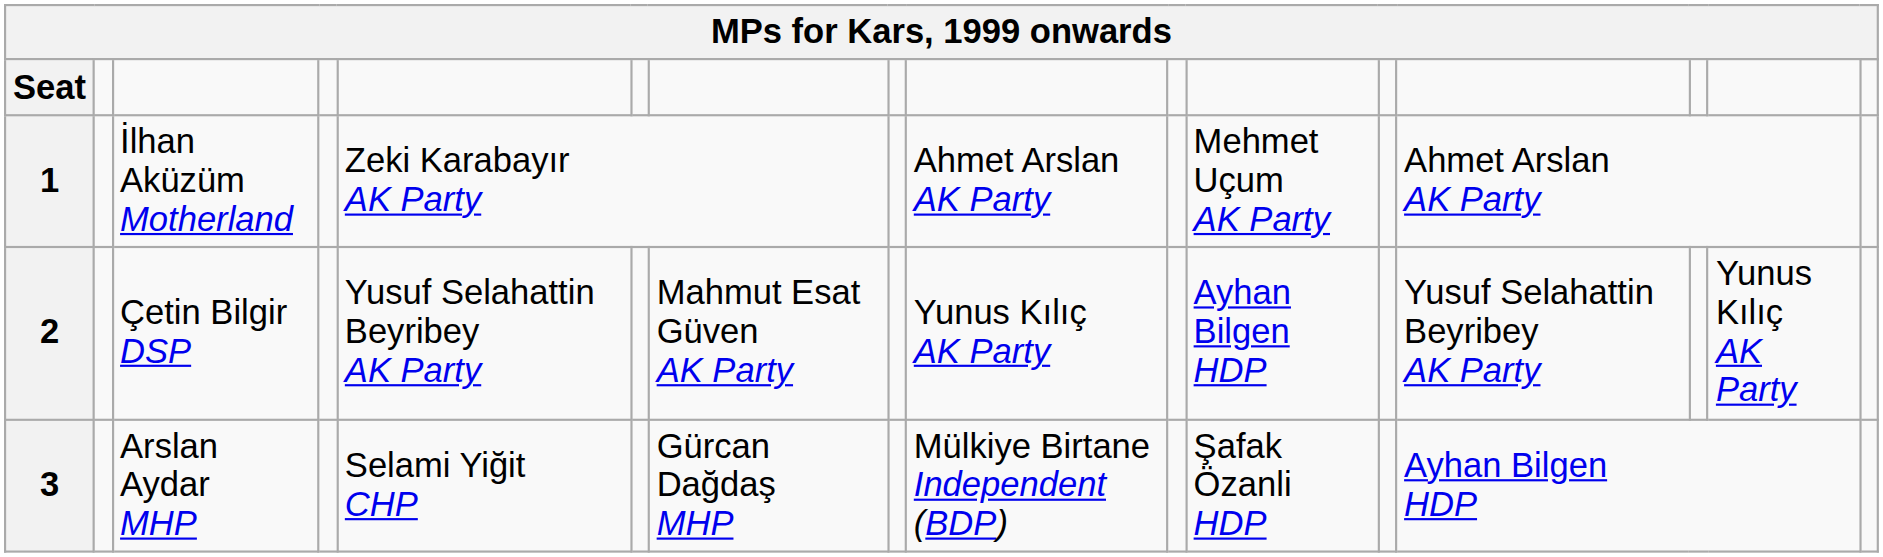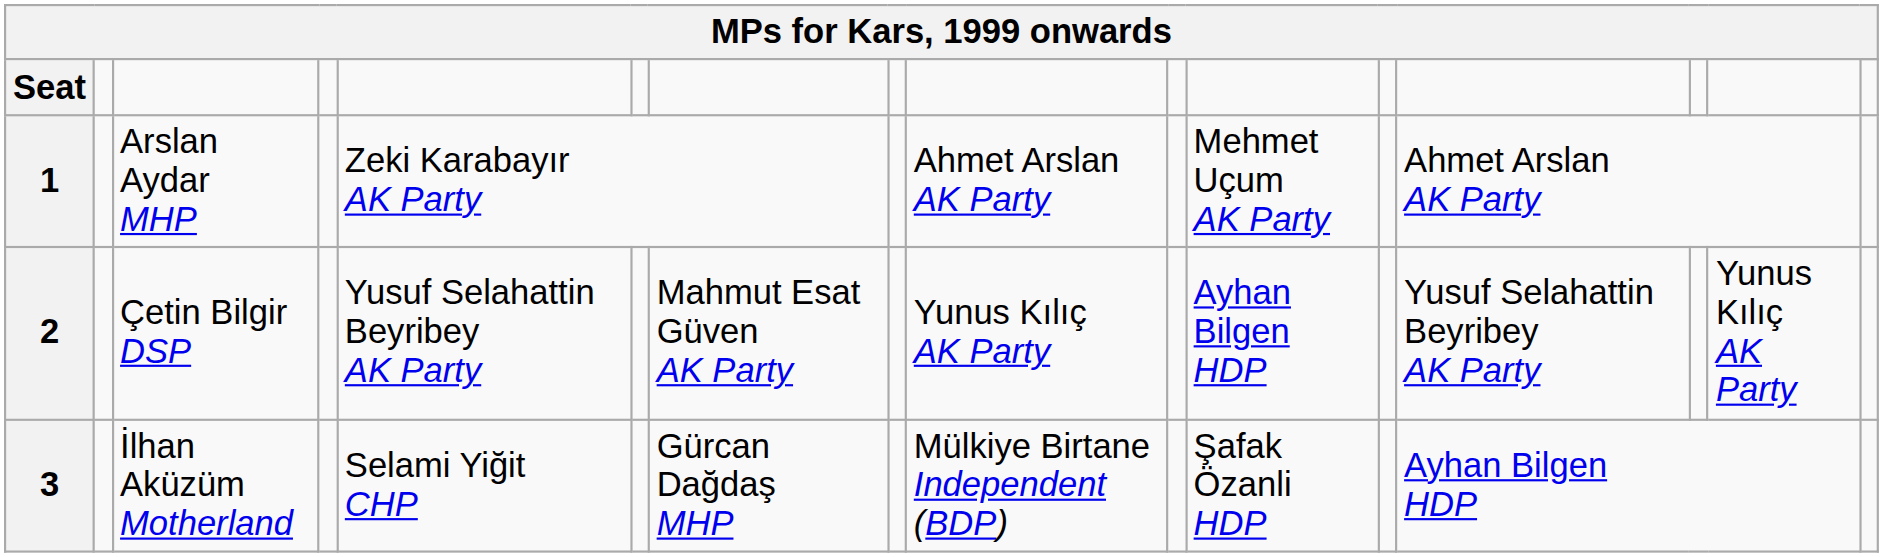 <table class="wikitable">
 <tr>
 <th colspan = 17>MPs for Kars, 1999 onwards</th>
 </tr>
 <tr>
 <th rowspan = 2>Seat</th>
 <td rowspan="2" style="width:1px;"></td>
 <td rowspan = 2></td>
 <td rowspan="2" style="width:1px;"></td>
 <td rowspan = 2></td>
 <td rowspan="2" style="width:1px;"></td>
 <td rowspan = 2></td>
 <td rowspan="2" style="width:1px;"></td>
 <td rowspan = 2></td>
 <td rowspan="2" style="width:1px;"></td>
 <td rowspan = 2></td>
 <td rowspan="2" style="width:1px;"></td>
 <td rowspan = 2></td>
 <td rowspan="2" style="width:1px;"></td>
 <td rowspan = 2></td>
 </tr>
 <tr>
 <td></td>
 </tr>
 <tr>
 <th>1</th>
 <td width=1px style="background-color: "></td>
-<td>İlhan Aküzüm<br><em><a href='#'>Motherland</a></em></td>
+<td>Arslan Aydar<br><em><a href='#'>MHP</a></em></td>
 <td width=1px style="background-color: "></td>
 <td colspan = 3>Zeki Karabayır<br><em><a href='#'>AK Party</a></em></td>
 <td width=1px style="background-color: "></td>
 <td>Ahmet Arslan<br><em><a href='#'>AK Party</a></em></td>
 <td width=1px style="background-color: "></td>
 <td>Mehmet Uçum<br><em><a href='#'>AK Party</a></em></td>
 <td width=1px style="background-color: "></td>
 <td colspan = 3>Ahmet Arslan<br><em><a href='#'>AK Party</a></em></td>
 <td width=1px style="background-color: "></td>
 </tr>
 <tr>
 <th>2</th>
 <td width=1px style="background-color: "></td>
 <td>Çetin Bilgir<br><em><a href='#'>DSP</a></em></td>
 <td width=1px style="background-color: "></td>
 <td>Yusuf Selahattin Beyribey<br><em><a href='#'>AK Party</a></em></td>
 <td width=1px style="background-color: "></td>
 <td>Mahmut Esat Güven<br><em><a href='#'>AK Party</a></em></td>
 <td width=1px style="background-color: "></td>
 <td>Yunus Kılıç<br><em><a href='#'>AK Party</a></em></td>
 <td width=1px style="background-color: "></td>
 <td colspan = 1><a href='#'>Ayhan Bilgen</a><br><em><a href='#'>HDP</a></em></td>
 <td width=1px style="background-color: "></td>
 <td>Yusuf Selahattin Beyribey<br><em><a href='#'>AK Party</a></em></td>
 <td width=1px style="background-color: "></td>
 <td>Yunus Kılıç<br><em><a href='#'>AK Party</a></em></td>
 <td width=1px style="background-color: "></td>
 </tr>
 <tr>
 <th>3</th>
 <td width=1px style="background-color: "></td>
-<td>Arslan Aydar<br><em><a href='#'>MHP</a></em></td>
+<td>İlhan Aküzüm<br><em><a href='#'>Motherland</a></em></td>
 <td width=1px style="background-color: "></td>
 <td>Selami Yiğit<br><em><a href='#'>CHP</a></em></td>
 <td width=1px style="background-color: "></td>
 <td>Gürcan Dağdaş<br><em><a href='#'>MHP</a></em></td>
 <td width=1px style="background-color: "></td>
 <td>Mülkiye Birtane<br><em><a href='#'>Independent</a> (<a href='#'>BDP</a>)</em></td>
 <td width=1px style="background-color: "></td>
 <td>Şafak Özanli<br><em><a href='#'>HDP</a></em></td>
 <td width=1px style="background-color: "></td>
 <td colspan = 3><a href='#'>Ayhan Bilgen</a><br><em><a href='#'>HDP</a></em></td>
 <td width=1px style="background-color: "></td>
 </tr>
 </table>
